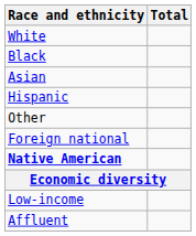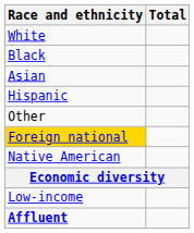 <table class="wikitable floatright sortable collapsible"; text-align:right; font-size:80%;">
 <tr>
 <th>Race and ethnicity</th>
 <th colspan="2" data-sort-type=number>Total</th>
 </tr>
 <tr>
 <td><a href='#'>White</a></td>
 <td align=right></td>
 </tr>
 <tr>
 <td><a href='#'>Black</a></td>
 <td align=right></td>
 </tr>
 <tr>
 <td><a href='#'>Asian</a></td>
 <td align=right></td>
 </tr>
 <tr>
 <td><a href='#'>Hispanic</a></td>
 <td align=right></td>
 </tr>
 <tr>
 <td>Other</td>
 <td align=right></td>
 </tr>
 <tr>
-<td><a href='#'>Foreign national</a></td>
+<td style="background: gold;"><a href='#'>Foreign national</a></td>
 <td align=right></td>
 </tr>
 <tr>
-<td><strong><a href='#'>Native American</a></strong></td>
+<td><a href='#'>Native American</a></td>
 <td align=right></td>
 </tr>
 <tr>
 <th colspan="4" data-sort-type=number><a href='#'>Economic diversity</a></th>
 </tr>
 <tr>
 <td><a href='#'>Low-income</a></td>
 <td align=right></td>
 </tr>
 <tr>
-<td><a href='#'>Affluent</a></td>
+<td><strong><a href='#'>Affluent</a></strong></td>
 <td align=right></td>
 </tr>
 </table>
